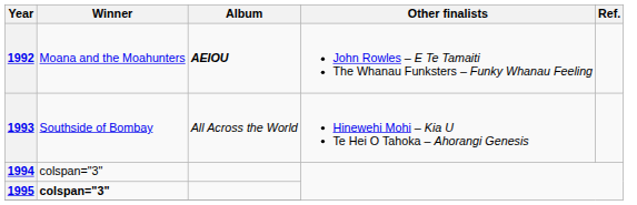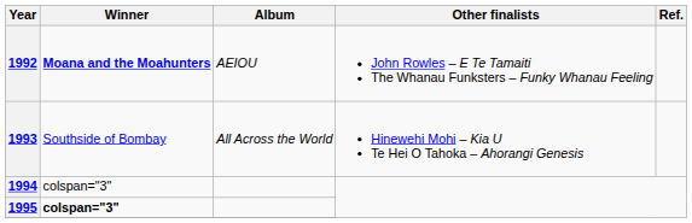 <table class="wikitable sortable">
 <tr>
 <th scope="col">Year</th>
 <th scope="col">Winner</th>
 <th scope="col">Album</th>
 <th scope="col" class=unsortable>Other finalists</th>
 <th scope="col" class=unsortable>Ref.</th>
 </tr>
 <tr>
 <th scope="row"><a href='#'>1992</a></th>
-<td><a href='#'>Moana and the Moahunters</a></td>
-<td><strong><em>AEIOU</em></strong></td>
+<td><strong><a href='#'>Moana and the Moahunters</a></strong></td>
+<td><em>AEIOU</em></td>
 <td><br><ul><li><a href='#'>John Rowles</a> – <em>E Te Tamaiti</em></li><li>The Whanau Funksters – <em>Funky Whanau Feeling</em></li></ul></td>
 <td align="center"></td>
 </tr>
 <tr>
 <th scope="row"><a href='#'>1993</a></th>
 <td><a href='#'>Southside of Bombay</a></td>
 <td><em>All Across the World</em></td>
 <td><br><ul><li><a href='#'>Hinewehi Mohi</a> – <em>Kia U</em></li><li>Te Hei O Tahoka – <em>Ahorangi Genesis</em></li></ul></td>
 <td align="center"></td>
 </tr>
 <tr>
 <th scope="row"><a href='#'>1994</a></th>
 <td>colspan="3" </td>
 <td align="center"></td>
 </tr>
 <tr>
 <th scope="row"><a href='#'>1995</a></th>
 <td><strong>colspan="3" </strong></td>
 <td align="center"></td>
 </tr>
 <tr>
 </tr>
 </table>
